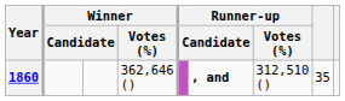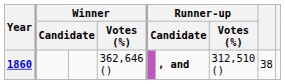 <table class="wikitable">
 <tr>
 <th scope=col rowspan="2">Year</th>
 <th scope=colgroup colspan="3" style="border-left:3px solid darkgray;">Winner</th>
 <th scope=colgroup colspan="3" style="border-left:3px solid darkgray;">Runner-up</th>
 <th scope="col" rowspan="2"></th>
 <th scope="col" class="unsortable" rowspan="2"></th>
 </tr>
 <tr>
 <th scope="colgroup" style="border-left:3px solid darkgray;" colspan="2">Candidate</th>
 <th scope="col" data-sort-type="number">Votes<br>(%)</th>
 <th scope="colgroup" style="border-left:3px solid darkgray;" colspan="2">Candidate</th>
 <th scope="col" data-sort-type="number">Votes<br>(%)</th>
 </tr>
 <tr>
 <th scope="row"> <a href='#'>1860</a></th>
 <td style="text-align:left; border-left:3px solid darkgray; background-color:"></td>
 <td><strong></strong> </td>
 <td>362,646<br>()</td>
 <td style="text-align:left; border-left:3px solid darkgray; background-color:#C154C1;"></td>
 <td><strong> ,   and  </strong></td>
 <td>312,510<br>()</td>
-<td>35</td>
+<td>38</td>
 <td></td>
 </tr>
 </table>
